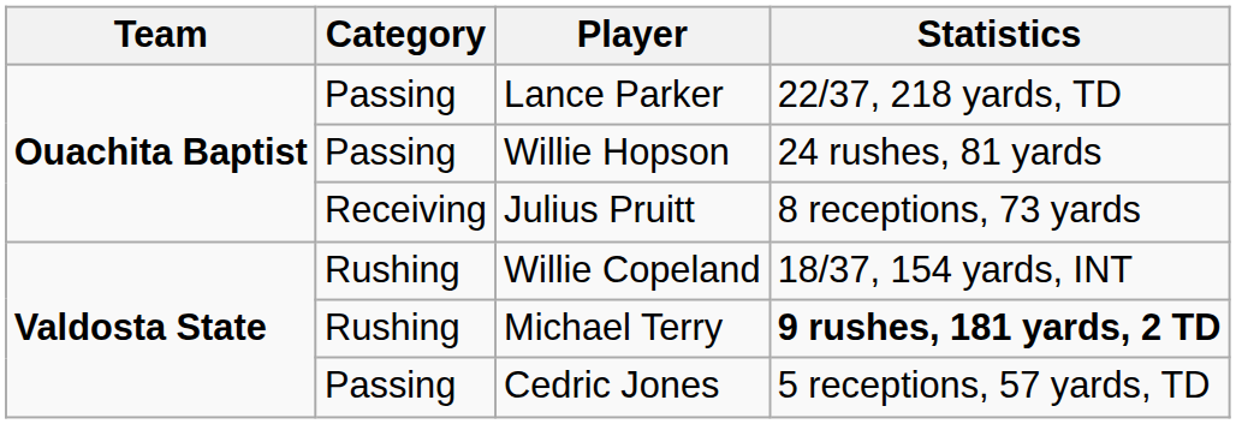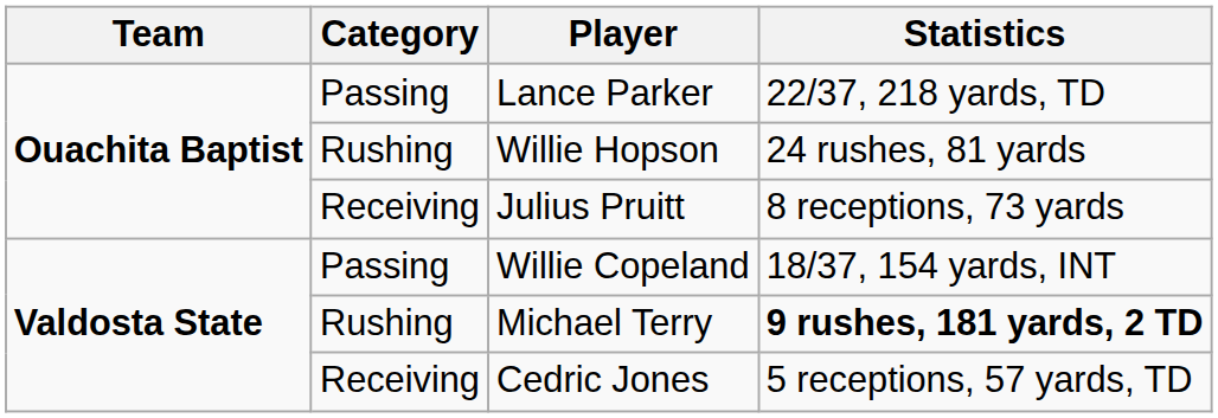 <table class="wikitable" style="float: right;">
 <tr>
 <th>Team</th>
 <th>Category</th>
 <th>Player</th>
 <th>Statistics</th>
 </tr>
 <tr>
 <td rowspan=3><strong>Ouachita Baptist</strong></td>
 <td>Passing</td>
 <td>Lance Parker</td>
 <td>22/37, 218 yards, TD</td>
 </tr>
 <tr>
-<td>Passing</td>
+<td>Rushing</td>
 <td>Willie Hopson</td>
 <td>24 rushes, 81 yards</td>
 </tr>
 <tr>
 <td>Receiving</td>
 <td>Julius Pruitt</td>
 <td>8 receptions, 73 yards</td>
 </tr>
 <tr>
 <td rowspan=3><strong>Valdosta State</strong></td>
-<td>Rushing</td>
+<td>Passing</td>
 <td>Willie Copeland</td>
 <td>18/37, 154 yards, INT</td>
 </tr>
 <tr>
 <td>Rushing</td>
 <td>Michael Terry</td>
 <td><strong>9 rushes, 181 yards, 2 TD</strong></td>
 </tr>
 <tr>
-<td>Passing</td>
+<td>Receiving</td>
 <td>Cedric Jones</td>
 <td>5 receptions, 57 yards, TD</td>
 </tr>
 </table>
